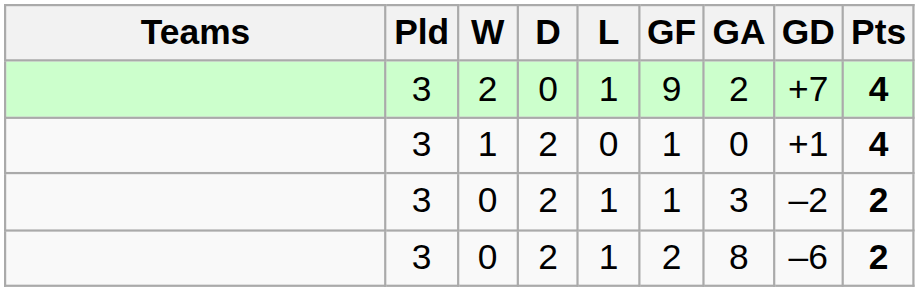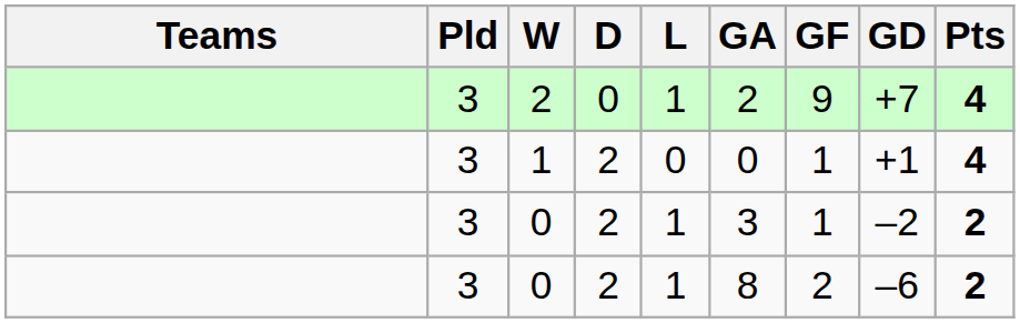 <table class="wikitable" style="text-align: center;">
 <tr>
 <th width=165>Teams</th>
 <th width=20>Pld</th>
 <th width=20>W</th>
 <th width=20>D</th>
 <th width=20>L</th>
+<th width=20>GA</th>
 <th width=20>GF</th>
-<th width=20>GA</th>
 <th width=20>GD</th>
 <th width=20>Pts</th>
 </tr>
 <tr align=center style="background:#ccffcc;">
 <td style="text-align:left;"></td>
 <td>3</td>
 <td>2</td>
 <td>0</td>
 <td>1</td>
+<td>2</td>
 <td>9</td>
-<td>2</td>
 <td>+7</td>
 <td><strong>4</strong></td>
 </tr>
 <tr align=center>
 <td style="text-align:left;"></td>
 <td>3</td>
 <td>1</td>
 <td>2</td>
 <td>0</td>
+<td>0</td>
 <td>1</td>
-<td>0</td>
 <td>+1</td>
 <td><strong>4</strong></td>
 </tr>
 <tr align=center>
 <td style="text-align:left;"></td>
 <td>3</td>
 <td>0</td>
 <td>2</td>
 <td>1</td>
+<td>3</td>
 <td>1</td>
-<td>3</td>
 <td>–2</td>
 <td><strong>2</strong></td>
 </tr>
 <tr align=center>
 <td style="text-align:left;"></td>
 <td>3</td>
 <td>0</td>
 <td>2</td>
 <td>1</td>
+<td>8</td>
 <td>2</td>
-<td>8</td>
 <td>–6</td>
 <td><strong>2</strong></td>
 </tr>
 </table>
